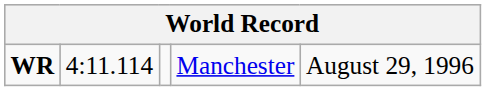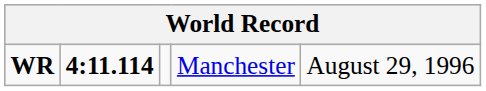 <table class="wikitable">
 <tr>
 <th colspan=5>World Record</th>
 </tr>
 <tr>
 <td><strong>WR</strong></td>
-<td>4:11.114</td>
+<td><strong>4:11.114</strong></td>
 <td></td>
 <td><a href='#'>Manchester</a> </td>
 <td>August 29, 1996</td>
 </tr>
 </table>
